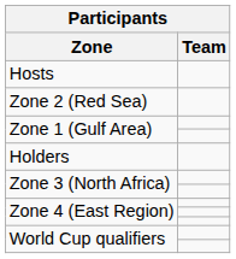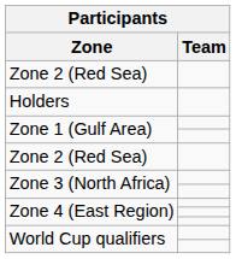 <table class="wikitable">
 <tr>
 <th colspan=2>Participants</th>
 </tr>
 <tr>
 <th>Zone</th>
 <th>Team</th>
 </tr>
 <tr>
-<td rowspan=1>Hosts</td>
+<td rowspan=1>Zone 2 (Red Sea)</td>
 <td></td>
 </tr>
 <tr>
-<td rowspan=1>Zone 2 (Red Sea)</td>
+<td rowspan=1>Holders</td>
 <td></td>
 </tr>
 <tr>
 <td rowspan=2>Zone 1 (Gulf Area)</td>
 <td></td>
 </tr>
 <tr>
 <td></td>
 </tr>
 <tr>
-<td rowspan=1>Holders</td>
+<td rowspan=1>Zone 2 (Red Sea)</td>
 <td></td>
 </tr>
 <tr>
 <td rowspan=2>Zone 3 (North Africa)</td>
 <td></td>
 </tr>
 <tr>
 <td></td>
 </tr>
 <tr>
 <td rowspan=3>Zone 4 (East Region)</td>
 <td></td>
 </tr>
 <tr>
 <td></td>
 </tr>
 <tr>
 <td></td>
 </tr>
 <tr>
 <td rowspan=2>World Cup qualifiers</td>
 <td></td>
 </tr>
 <tr>
 <td></td>
 </tr>
 </table>
